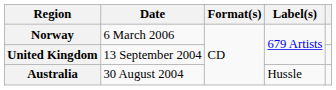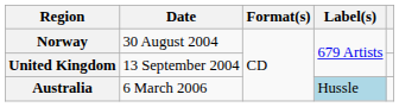 <table class="wikitable plainrowheaders">
 <tr>
 <th scope="col">Region</th>
 <th scope="col">Date</th>
 <th scope="col">Format(s)</th>
 <th scope="col">Label(s)</th>
 <th scope="col"></th>
 </tr>
 <tr>
 <th scope="row">Norway</th>
-<td>6 March 2006</td>
+<td>30 August 2004</td>
 <td rowspan="3">CD</td>
 <td rowspan="2"><a href='#'>679 Artists</a></td>
 <td></td>
 </tr>
 <tr>
 <th scope="row">United Kingdom</th>
 <td>13 September 2004</td>
 <td></td>
 </tr>
 <tr>
 <th scope="row">Australia</th>
-<td>30 August 2004</td>
-<td>Hussle</td>
+<td>6 March 2006</td>
+<td style="background: lightblue;">Hussle</td>
 <td></td>
 </tr>
 </table>
